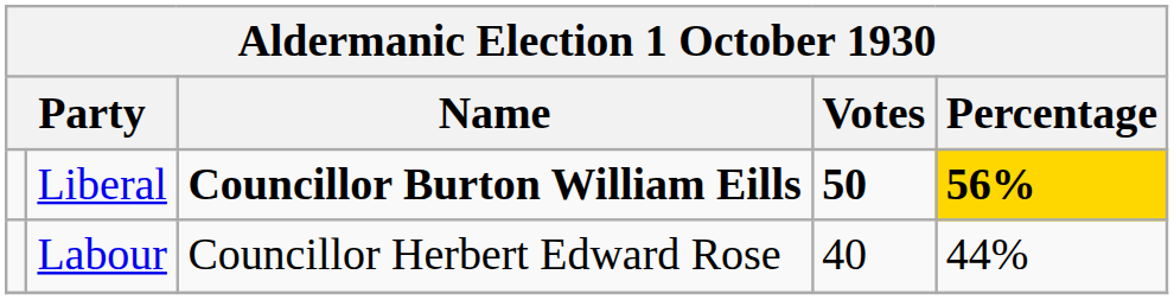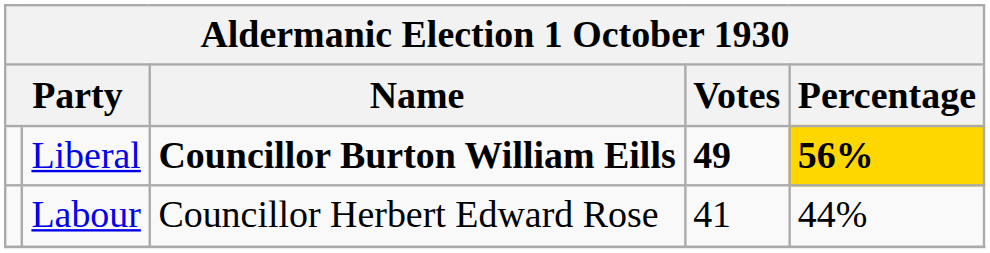 <table class="wikitable">
 <tr>
 <th colspan="5"><strong>Aldermanic Election 1 October 1930</strong></th>
 </tr>
 <tr>
 <th colspan="2">Party</th>
 <th>Name</th>
 <th>Votes</th>
 <th>Percentage</th>
 </tr>
 <tr>
 <td style="background-color:"></td>
 <td><a href='#'>Liberal</a></td>
 <td><strong>Councillor Burton William Eills</strong></td>
-<td><strong>50</strong></td>
+<td><strong>49</strong></td>
 <td style="background: gold;"><strong>56%</strong></td>
 </tr>
 <tr>
 <td style="background-color:"></td>
 <td><a href='#'>Labour</a></td>
 <td>Councillor Herbert Edward Rose</td>
-<td>40</td>
+<td>41</td>
 <td>44%</td>
 </tr>
 <tr>
 </tr>
 </table>
